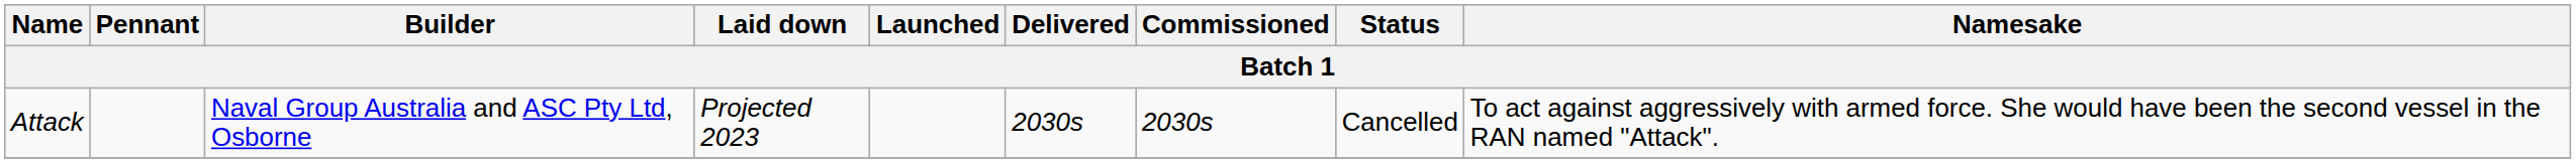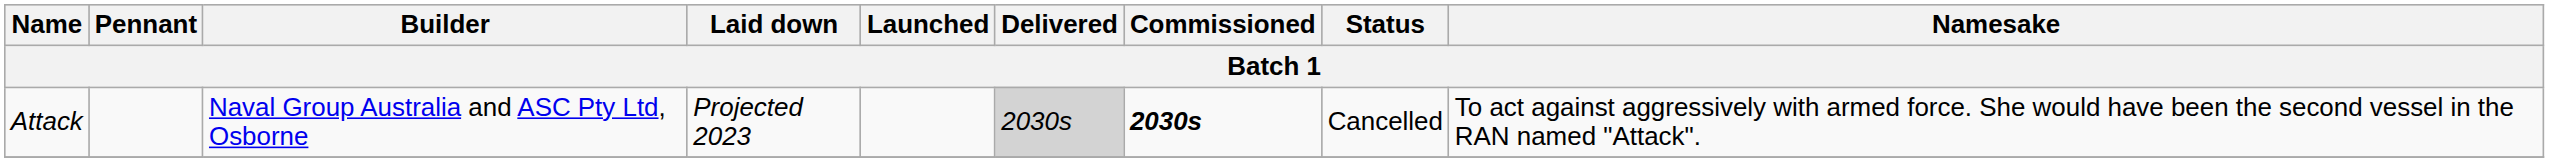 <table class="wikitable">
 <tr>
 <th>Name</th>
 <th>Pennant</th>
 <th>Builder</th>
 <th>Laid down</th>
 <th>Launched</th>
 <th>Delivered</th>
 <th>Commissioned</th>
 <th>Status</th>
 <th>Namesake</th>
 </tr>
 <tr>
 <th colspan=9>Batch 1</th>
 </tr>
 <tr>
 <td><em>Attack</em></td>
 <td></td>
 <td><a href='#'>Naval Group Australia</a> and <a href='#'>ASC Pty Ltd</a>, <a href='#'>Osborne</a></td>
 <td><em>Projected 2023</em></td>
 <td></td>
-<td><em>2030s</em></td>
-<td><em>2030s</em></td>
+<td style="background: lightgrey;"><em>2030s</em></td>
+<td><strong><em>2030s</em></strong></td>
 <td>Cancelled</td>
 <td>To act against aggressively with armed force. She would have been the second vessel in the RAN named "Attack".</td>
 </tr>
 <tr>
 </tr>
 </table>
